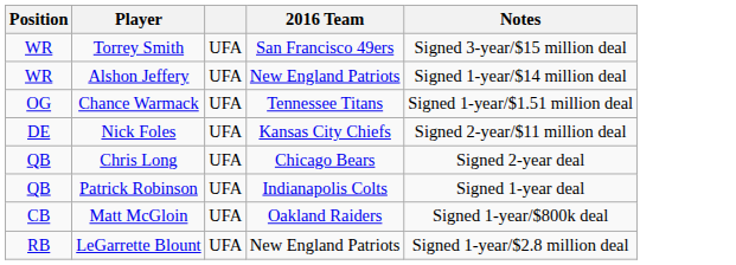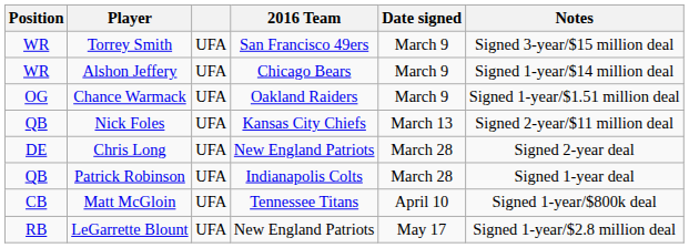 <table class="wikitable" style="font-size: 95%; text-align: center">
 <tr>
 <th>Position</th>
 <th>Player</th>
 <th></th>
 <th>2016 Team</th>
+<th>Date signed</th>
 <th>Notes</th>
 </tr>
 <tr>
 <td><a href='#'>WR</a></td>
 <td><a href='#'>Torrey Smith</a></td>
 <td>UFA</td>
 <td><a href='#'>San Francisco 49ers</a></td>
+<td>March 9</td>
 <td>Signed 3-year/$15 million deal</td>
 </tr>
 <tr>
 <td><a href='#'>WR</a></td>
 <td><a href='#'>Alshon Jeffery</a></td>
 <td>UFA</td>
-<td><a href='#'>New England Patriots</a></td>
+<td><a href='#'>Chicago Bears</a></td>
+<td>March 9</td>
 <td>Signed 1-year/$14 million deal</td>
 </tr>
 <tr>
 <td><a href='#'>OG</a></td>
 <td><a href='#'>Chance Warmack</a></td>
 <td>UFA</td>
-<td><a href='#'>Tennessee Titans</a></td>
+<td><a href='#'>Oakland Raiders</a></td>
+<td>March 9</td>
 <td>Signed 1-year/$1.51 million deal</td>
 </tr>
 <tr>
-<td><a href='#'>DE</a></td>
+<td><a href='#'>QB</a></td>
 <td><a href='#'>Nick Foles</a></td>
 <td>UFA</td>
 <td><a href='#'>Kansas City Chiefs</a></td>
+<td>March 13</td>
 <td>Signed 2-year/$11 million deal</td>
 </tr>
 <tr>
-<td><a href='#'>QB</a></td>
+<td><a href='#'>DE</a></td>
 <td><a href='#'>Chris Long</a></td>
 <td>UFA</td>
-<td><a href='#'>Chicago Bears</a></td>
+<td><a href='#'>New England Patriots</a></td>
+<td>March 28</td>
 <td>Signed 2-year deal</td>
 </tr>
 <tr>
 <td><a href='#'>QB</a></td>
 <td><a href='#'>Patrick Robinson</a></td>
 <td>UFA</td>
 <td><a href='#'>Indianapolis Colts</a></td>
+<td>March 28</td>
 <td>Signed 1-year deal</td>
 </tr>
 <tr>
 <td><a href='#'>CB</a></td>
 <td><a href='#'>Matt McGloin</a></td>
 <td>UFA</td>
-<td><a href='#'>Oakland Raiders</a></td>
+<td><a href='#'>Tennessee Titans</a></td>
+<td>April 10</td>
 <td>Signed 1-year/$800k deal</td>
 </tr>
 <tr>
 <td><a href='#'>RB</a></td>
 <td><a href='#'>LeGarrette Blount</a></td>
 <td>UFA</td>
 <td>New England Patriots</td>
+<td>May 17</td>
 <td>Signed 1-year/$2.8 million deal</td>
 </tr>
 </table>
